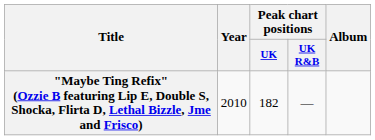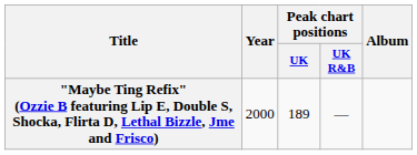 <table class="wikitable plainrowheaders" style="text-align:center;">
 <tr>
 <th scope="col" rowspan="2" style="width:16em;">Title</th>
 <th scope="col" rowspan="2" style="width:1em;">Year</th>
 <th scope="col" colspan="2">Peak chart positions</th>
 <th scope="col" rowspan="2">Album</th>
 </tr>
 <tr>
 <th scope="col" style="width:3em;font-size:85%;"><a href='#'>UK</a></th>
 <th scope="col" style="width:3em;font-size:85%;"><a href='#'>UK<br>R&B</a></th>
 </tr>
 <tr>
 <th scope="row">"Maybe Ting Refix" <br><span> (<a href='#'>Ozzie B</a> featuring Lip E, Double S, Shocka, Flirta D, <a href='#'>Lethal Bizzle</a>, <a href='#'>Jme</a> and <a href='#'>Frisco</a>) </span></th>
-<td>2010</td>
-<td>182</td>
+<td>2000</td>
+<td>189</td>
 <td>—</td>
 <td></td>
 </tr>
 </table>
